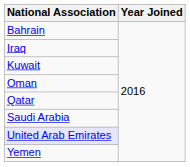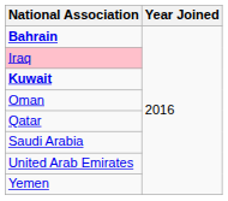 <table class="wikitable sortable">
 <tr>
 <th>National Association</th>
 <th>Year Joined</th>
 </tr>
 <tr>
-<td> <a href='#'>Bahrain</a></td>
+<td><strong> <a href='#'>Bahrain</a></strong></td>
 <td rowspan="8">2016</td>
 </tr>
 <tr>
-<td> <a href='#'>Iraq</a></td>
+<td style="background: pink;"> <a href='#'>Iraq</a></td>
 </tr>
 <tr>
-<td> <a href='#'>Kuwait</a></td>
+<td><strong> <a href='#'>Kuwait</a></strong></td>
 </tr>
 <tr>
 <td> <a href='#'>Oman</a></td>
 </tr>
 <tr>
 <td> <a href='#'>Qatar</a></td>
 </tr>
 <tr>
 <td> <a href='#'>Saudi Arabia</a></td>
 </tr>
 <tr>
-<td style="background: lavender;"> <a href='#'>United Arab Emirates</a></td>
+<td> <a href='#'>United Arab Emirates</a></td>
 </tr>
 <tr>
 <td> <a href='#'>Yemen</a></td>
 </tr>
 </table>
